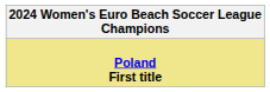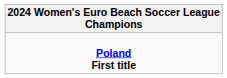 <table class="wikitable" style="margin: 0 auto;">
 <tr>
 <th>2024 Women's Euro Beach Soccer League<br>Champions</th>
 </tr>
 <tr>
-<td align=center style="background: khaki;"><br><strong><a href='#'>Poland</a></strong><br><strong>First title</strong></td>
+<td align=center><br><strong><a href='#'>Poland</a></strong><br><strong>First title</strong></td>
 </tr>
 </table>
